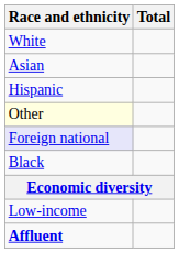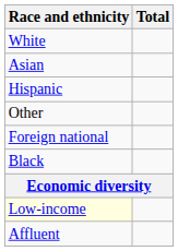 <table class="wikitable floatright sortable collapsible"; text-align:right; font-size:80%;">
 <tr>
 <th>Race and ethnicity</th>
 <th colspan="2" data-sort-type=number>Total</th>
 </tr>
 <tr>
 <td><a href='#'>White</a></td>
 <td align=right></td>
 </tr>
 <tr>
 <td><a href='#'>Asian</a></td>
 <td align=right></td>
 </tr>
 <tr>
 <td><a href='#'>Hispanic</a></td>
 <td align=right></td>
 </tr>
 <tr>
-<td style="background: lightyellow;">Other</td>
+<td>Other</td>
 <td align=right></td>
 </tr>
 <tr>
-<td style="background: lavender;"><a href='#'>Foreign national</a></td>
+<td><a href='#'>Foreign national</a></td>
 <td align=right></td>
 </tr>
 <tr>
 <td><a href='#'>Black</a></td>
 <td align=right></td>
 </tr>
 <tr>
 <th colspan="4" data-sort-type=number><a href='#'>Economic diversity</a></th>
 </tr>
 <tr>
-<td><a href='#'>Low-income</a></td>
+<td style="background: lightyellow;"><a href='#'>Low-income</a></td>
 <td align=right></td>
 </tr>
 <tr>
-<td><strong><a href='#'>Affluent</a></strong></td>
+<td><a href='#'>Affluent</a></td>
 <td align=right></td>
 </tr>
 </table>
